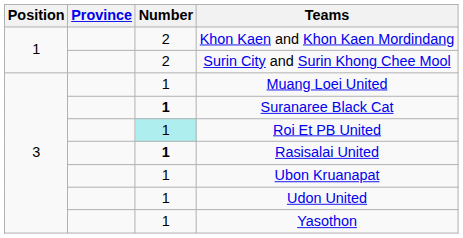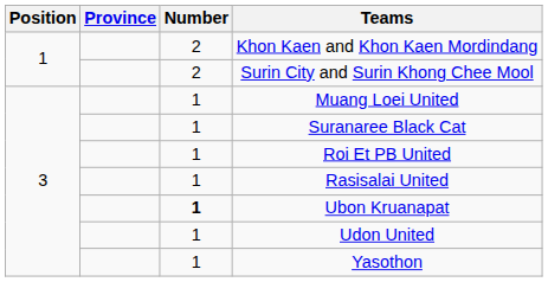 <table class="wikitable">
 <tr>
 <th>Position</th>
 <th><a href='#'>Province</a></th>
 <th>Number</th>
 <th>Teams</th>
 </tr>
 <tr>
 <td align=center rowspan="2">1</td>
 <td></td>
 <td align=center>2</td>
 <td align=center><a href='#'>Khon Kaen</a> and <a href='#'>Khon Kaen Mordindang</a></td>
 </tr>
 <tr>
 <td></td>
 <td align=center>2</td>
 <td align=center><a href='#'>Surin City</a> and <a href='#'>Surin Khong Chee Mool</a></td>
 </tr>
 <tr>
 <td align=center rowspan="7">3</td>
 <td></td>
 <td align=center>1</td>
 <td align=center><a href='#'>Muang Loei United</a></td>
 </tr>
 <tr>
 <td></td>
-<td align=center><strong>1</strong></td>
+<td align=center>1</td>
 <td align=center><a href='#'>Suranaree Black Cat</a></td>
 </tr>
 <tr>
 <td></td>
-<td align=center style="background: paleturquoise;">1</td>
+<td align=center>1</td>
 <td align=center><a href='#'>Roi Et PB United</a></td>
 </tr>
 <tr>
 <td></td>
-<td align=center><strong>1</strong></td>
+<td align=center>1</td>
 <td align=center><a href='#'>Rasisalai United</a></td>
 </tr>
 <tr>
 <td></td>
-<td align=center>1</td>
+<td align=center><strong>1</strong></td>
 <td align=center><a href='#'>Ubon Kruanapat</a></td>
 </tr>
 <tr>
 <td></td>
 <td align=center>1</td>
 <td align=center><a href='#'>Udon United</a></td>
 </tr>
 <tr>
 <td></td>
 <td align=center>1</td>
 <td align=center><a href='#'>Yasothon</a></td>
 </tr>
 </table>
